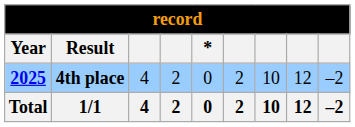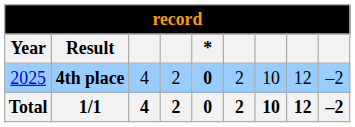 <table class="wikitable mw-collapsible" style="text-align: center;font-size:95%;">
 <tr>
 <th colspan="9" style="background: #000000; color: #F39D0B;"> record</th>
 </tr>
 <tr>
 <th>Year</th>
 <th>Result</th>
 <th width=20></th>
 <th width=20></th>
 <th width=20>*</th>
 <th width=20></th>
 <th width=20></th>
 <th width=20></th>
 <th width=20></th>
 </tr>
 <tr |- bgcolor="#9ACDFF">
-<td><strong> <a href='#'>2025</a></strong></td>
+<td> <a href='#'>2025</a></td>
 <td><strong>4th place</strong></td>
 <td>4</td>
 <td>2</td>
-<td>0</td>
+<td><strong>0</strong></td>
 <td>2</td>
 <td>10</td>
 <td>12</td>
 <td>–2</td>
 </tr>
 <tr>
 <th>Total</th>
 <th>1/1</th>
 <th>4</th>
 <th>2</th>
 <th>0</th>
 <th>2</th>
 <th>10</th>
 <th>12</th>
 <th>–2</th>
 </tr>
 </table>
